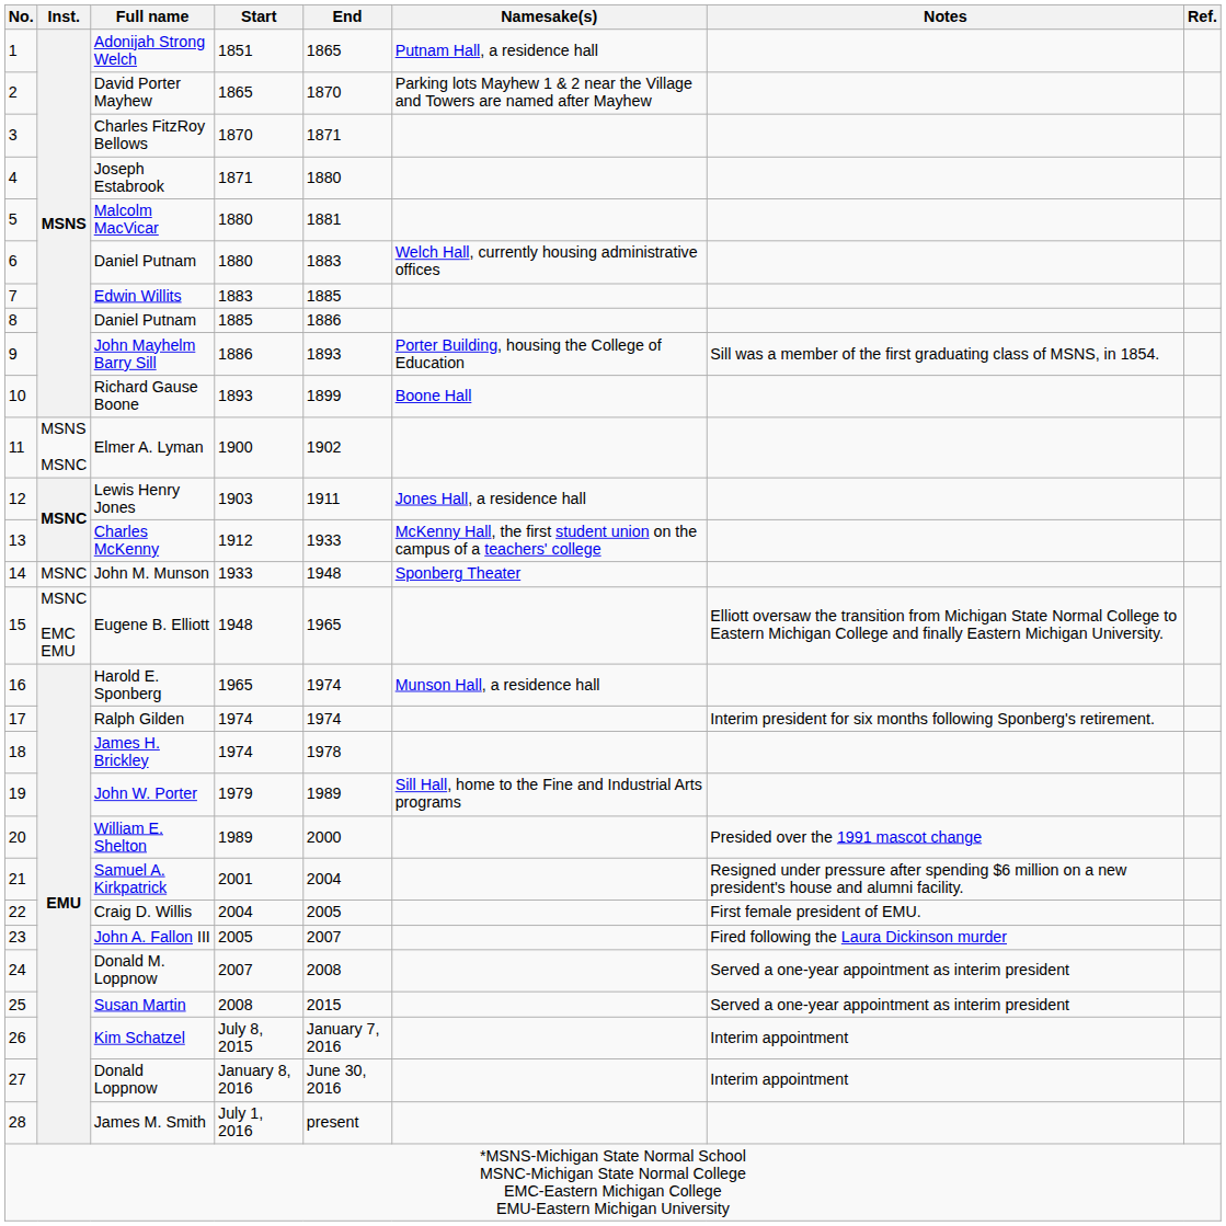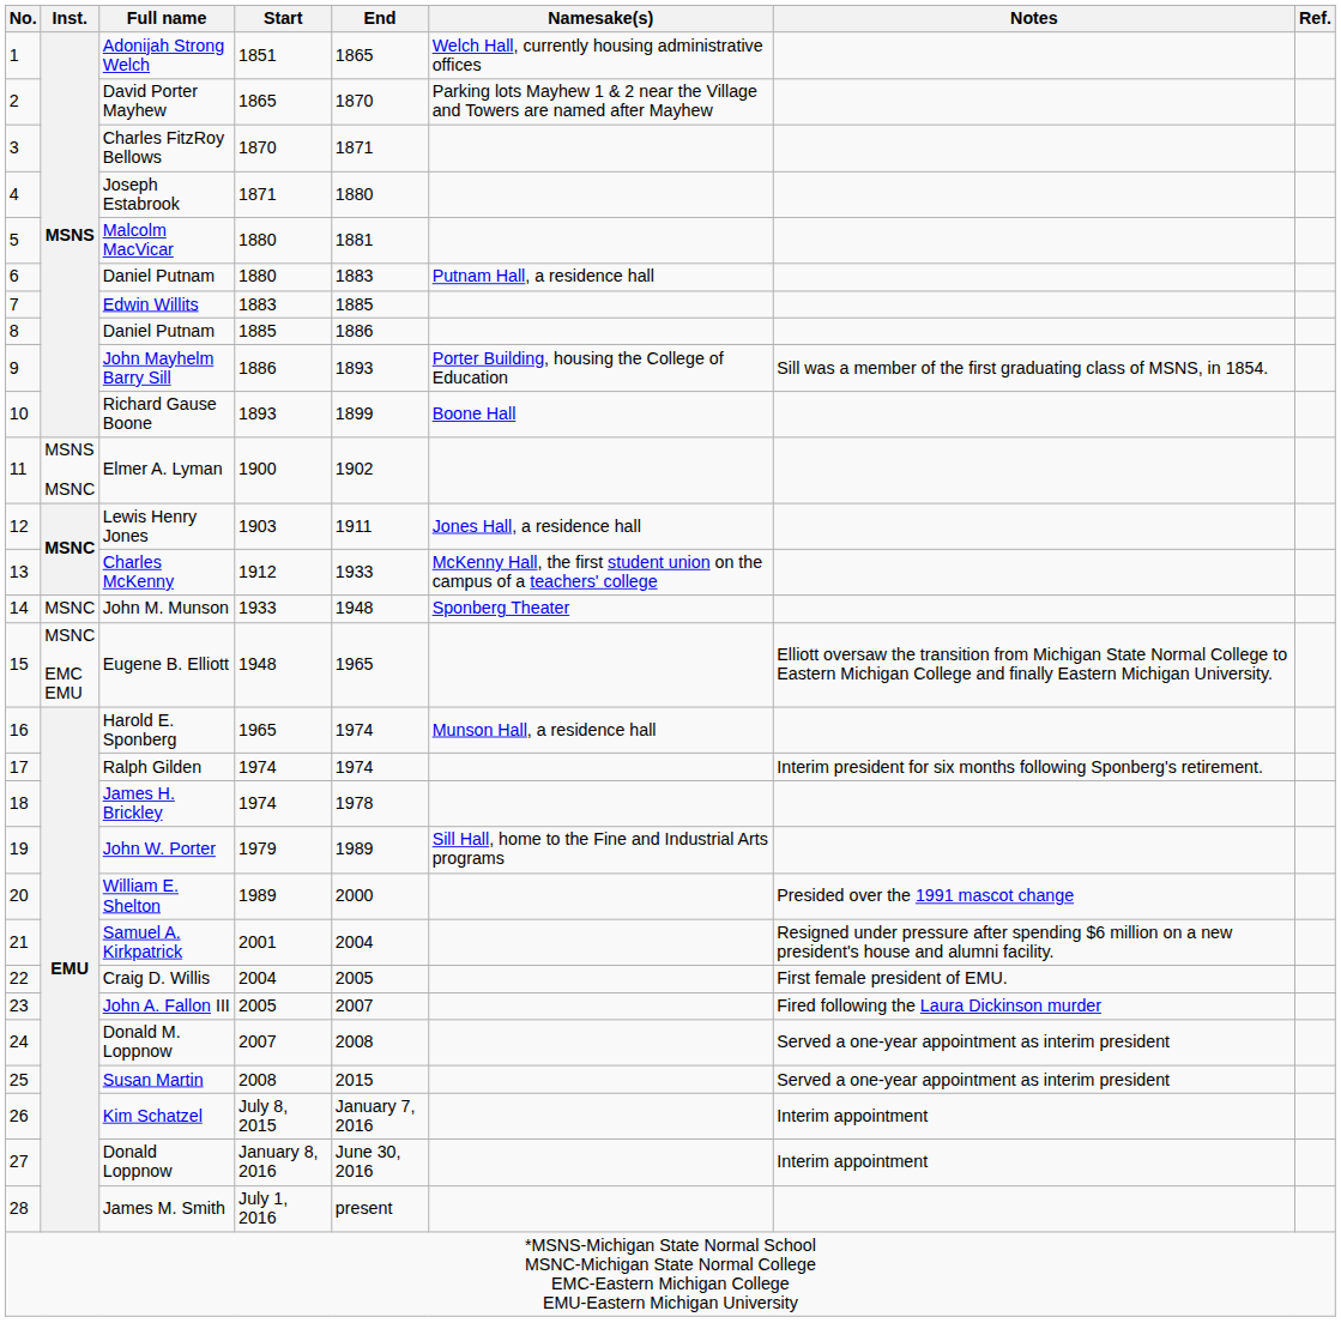 <table class="wikitable sortable">
 <tr>
 <th>No.</th>
 <th>Inst.</th>
 <th>Full name</th>
 <th>Start</th>
 <th>End</th>
 <th class="unsortable">Namesake(s)</th>
 <th class="unsortable">Notes</th>
 <th>Ref.</th>
 </tr>
 <tr>
 <td>1</td>
 <th rowspan=10>MSNS</th>
 <td><a href='#'>Adonijah Strong Welch</a></td>
 <td>1851</td>
 <td>1865</td>
-<td><a href='#'>Putnam Hall</a>, a residence hall</td>
+<td><a href='#'>Welch Hall</a>, currently housing administrative offices</td>
 <td></td>
 <td></td>
 </tr>
 <tr>
 <td>2</td>
 <td>David Porter Mayhew</td>
 <td>1865</td>
 <td>1870</td>
 <td>Parking lots Mayhew 1 & 2 near the Village and Towers are named after Mayhew</td>
 <td></td>
 <td></td>
 </tr>
 <tr>
 <td>3</td>
 <td>Charles FitzRoy Bellows</td>
 <td>1870</td>
 <td>1871</td>
 <td></td>
 <td></td>
 <td></td>
 </tr>
 <tr>
 <td>4</td>
 <td>Joseph Estabrook</td>
 <td>1871</td>
 <td>1880</td>
 <td></td>
 <td></td>
 <td></td>
 </tr>
 <tr>
 <td>5</td>
 <td><a href='#'>Malcolm MacVicar</a></td>
 <td>1880</td>
 <td>1881</td>
 <td></td>
 <td></td>
 <td></td>
 </tr>
 <tr>
 <td>6</td>
 <td>Daniel Putnam</td>
 <td>1880</td>
 <td>1883</td>
-<td><a href='#'>Welch Hall</a>, currently housing administrative offices</td>
+<td><a href='#'>Putnam Hall</a>, a residence hall</td>
 <td></td>
 <td></td>
 </tr>
 <tr>
 <td>7</td>
 <td><a href='#'>Edwin Willits</a></td>
 <td>1883</td>
 <td>1885</td>
 <td></td>
 <td></td>
 <td></td>
 </tr>
 <tr>
 <td>8</td>
 <td>Daniel Putnam</td>
 <td>1885</td>
 <td>1886</td>
 <td></td>
 <td></td>
 <td></td>
 </tr>
 <tr>
 <td>9</td>
 <td><a href='#'>John Mayhelm Barry Sill</a></td>
 <td>1886</td>
 <td>1893</td>
 <td><a href='#'>Porter Building</a>, housing the College of Education</td>
 <td>Sill was a member of the first graduating class of MSNS, in 1854.</td>
 <td></td>
 </tr>
 <tr>
 <td>10</td>
 <td>Richard Gause Boone</td>
 <td>1893</td>
 <td>1899</td>
 <td><a href='#'>Boone Hall</a></td>
 <td></td>
 <td></td>
 </tr>
 <tr>
 <td>11</td>
 <td>MSNS <br><br>MSNC</td>
 <td>Elmer A. Lyman</td>
 <td>1900</td>
 <td>1902</td>
 <td></td>
 <td></td>
 <td></td>
 </tr>
 <tr>
 <td>12</td>
 <th rowspan=2>MSNC</th>
 <td>Lewis Henry Jones</td>
 <td>1903</td>
 <td>1911</td>
 <td><a href='#'>Jones Hall</a>, a residence hall</td>
 <td></td>
 <td></td>
 </tr>
 <tr>
 <td>13</td>
 <td><a href='#'>Charles McKenny</a></td>
 <td>1912</td>
 <td>1933</td>
 <td><a href='#'>McKenny Hall</a>, the first <a href='#'>student union</a> on the campus of a <a href='#'>teachers' college</a></td>
 <td></td>
 <td></td>
 </tr>
 <tr>
 <td>14</td>
 <td>MSNC</td>
 <td>John M. Munson</td>
 <td>1933</td>
 <td>1948</td>
 <td><a href='#'>Sponberg Theater</a></td>
 <td></td>
 <td></td>
 </tr>
 <tr>
 <td>15</td>
 <td>MSNC<br><br>EMC <br> EMU</td>
 <td>Eugene B. Elliott</td>
 <td>1948</td>
 <td>1965</td>
 <td></td>
 <td>Elliott oversaw the transition from Michigan State Normal College to Eastern Michigan College and finally Eastern Michigan University.</td>
 <td></td>
 </tr>
 <tr>
 <td>16</td>
 <th rowspan="13">EMU</th>
 <td>Harold E. Sponberg</td>
 <td>1965</td>
 <td>1974</td>
 <td><a href='#'>Munson Hall</a>, a residence hall</td>
 <td></td>
 <td></td>
 </tr>
 <tr>
 <td>17</td>
 <td>Ralph Gilden</td>
 <td>1974</td>
 <td>1974</td>
 <td></td>
 <td>Interim president for six months following Sponberg's retirement.</td>
 <td></td>
 </tr>
 <tr>
 <td>18</td>
 <td><a href='#'>James H. Brickley</a></td>
 <td>1974</td>
 <td>1978</td>
 <td></td>
 <td></td>
 <td></td>
 </tr>
 <tr>
 <td>19</td>
 <td><a href='#'>John W. Porter</a></td>
 <td>1979</td>
 <td>1989</td>
 <td><a href='#'>Sill Hall</a>, home to the Fine and Industrial Arts programs</td>
 <td></td>
 <td></td>
 </tr>
 <tr>
 <td>20</td>
 <td><a href='#'>William E. Shelton</a></td>
 <td>1989</td>
 <td>2000</td>
 <td></td>
 <td>Presided over the <a href='#'>1991 mascot change</a></td>
 <td></td>
 </tr>
 <tr>
 <td>21</td>
 <td><a href='#'>Samuel A. Kirkpatrick</a></td>
 <td>2001</td>
 <td>2004</td>
 <td></td>
 <td>Resigned under pressure after spending $6 million on a new president's house and alumni facility.</td>
 <td></td>
 </tr>
 <tr>
 <td>22</td>
 <td>Craig D. Willis</td>
 <td>2004</td>
 <td>2005</td>
 <td></td>
 <td>First female president of EMU.</td>
 <td></td>
 </tr>
 <tr>
 <td>23</td>
 <td><a href='#'>John A. Fallon</a> III</td>
 <td>2005</td>
 <td>2007</td>
 <td></td>
 <td>Fired following the <a href='#'>Laura Dickinson murder</a></td>
 <td></td>
 </tr>
 <tr>
 <td>24</td>
 <td>Donald M. Loppnow</td>
 <td>2007</td>
 <td>2008</td>
 <td></td>
 <td>Served a one-year appointment as interim president</td>
 <td></td>
 </tr>
 <tr>
 <td>25</td>
 <td><a href='#'>Susan Martin</a></td>
 <td>2008</td>
 <td>2015</td>
 <td></td>
 <td>Served a one-year appointment as interim president</td>
 <td></td>
 </tr>
 <tr>
 <td>26</td>
 <td><a href='#'>Kim Schatzel</a></td>
 <td>July 8, 2015</td>
 <td>January 7, 2016</td>
 <td></td>
 <td>Interim appointment</td>
 <td></td>
 </tr>
 <tr>
 <td>27</td>
 <td>Donald Loppnow</td>
 <td>January 8, 2016</td>
 <td>June 30, 2016</td>
 <td></td>
 <td>Interim appointment</td>
 <td></td>
 </tr>
 <tr>
 <td>28</td>
 <td>James M. Smith</td>
 <td>July 1, 2016</td>
 <td>present</td>
 <td></td>
 <td></td>
 <td></td>
 </tr>
 <tr>
 <td colspan=8 style="text-align:center;">*MSNS-Michigan State Normal School <br>MSNC-Michigan State Normal College <br>EMC-Eastern Michigan College <br>EMU-Eastern Michigan University</td>
 </tr>
 </table>
